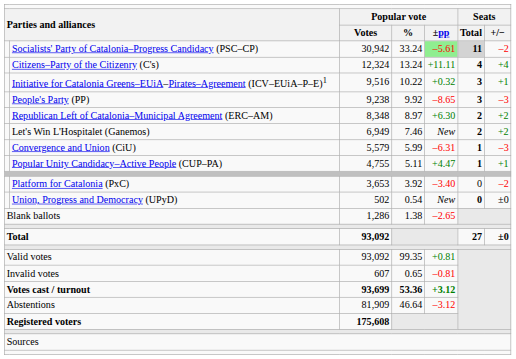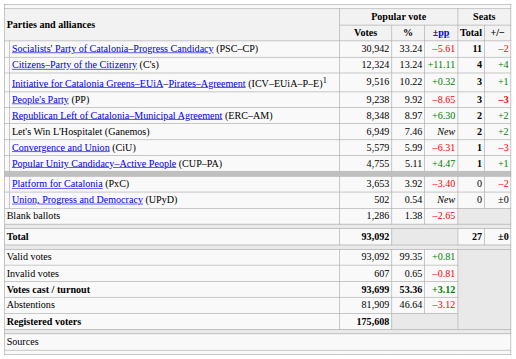 <table class="wikitable" style="text-align:right;">
 <tr>
 <td colspan="7"></td>
 </tr>
 <tr>
 <th style="text-align:left;" rowspan="2" colspan="2" width="525">Parties and alliances</th>
 <th colspan="3">Popular vote</th>
 <th colspan="2">Seats</th>
 </tr>
 <tr>
 <th width="75">Votes</th>
 <th width="45">%</th>
 <th width="45">±<a href='#'>pp</a></th>
 <th width="35">Total</th>
 <th width="35">+/−</th>
 </tr>
 <tr>
 <td width="1" style="color:inherit;background:"></td>
 <td align="left"><a href='#'>Socialists' Party of Catalonia–Progress Candidacy</a> (PSC–CP)</td>
 <td>30,942</td>
 <td>33.24</td>
-<td style="background: lightgreen; color:red;">–5.61</td>
-<td style="background: lightgrey;"><strong>11</strong></td>
+<td style="color:red;">–5.61</td>
+<td><strong>11</strong></td>
 <td style="color:red;">–2</td>
 </tr>
 <tr>
 <td style="color:inherit;background:"></td>
 <td align="left"><a href='#'>Citizens–Party of the Citizenry</a> (C's)</td>
 <td>12,324</td>
 <td>13.24</td>
 <td style="color:green;">+11.11</td>
 <td><strong>4</strong></td>
 <td style="color:green;">+4</td>
 </tr>
 <tr>
 <td style="color:inherit;background:"></td>
 <td align="left"><a href='#'>Initiative for Catalonia Greens–EUiA</a>–<a href='#'>Pirates–Agreement</a> (ICV–EUiA–P–E)<sup>1</sup></td>
 <td>9,516</td>
 <td>10.22</td>
 <td style="color:green;">+0.32</td>
 <td><strong>3</strong></td>
 <td style="color:green;">+1</td>
 </tr>
 <tr>
 <td style="color:inherit;background:"></td>
 <td align="left"><a href='#'>People's Party</a> (PP)</td>
 <td>9,238</td>
 <td>9.92</td>
 <td style="color:red;">–8.65</td>
 <td><strong>3</strong></td>
-<td style="color:red;">–3</td>
+<td style="color:red;"><strong>–3</strong></td>
 </tr>
 <tr>
 <td style="color:inherit;background:"></td>
 <td align="left"><a href='#'>Republican Left of Catalonia–Municipal Agreement</a> (ERC–AM)</td>
 <td>8,348</td>
 <td>8.97</td>
 <td style="color:green;">+6.30</td>
 <td><strong>2</strong></td>
 <td style="color:green;">+2</td>
 </tr>
 <tr>
 <td style="color:inherit;background:"></td>
 <td align="left">Let's Win L'Hospitalet (Ganemos)</td>
 <td>6,949</td>
 <td>7.46</td>
 <td><em>New</em></td>
 <td><strong>2</strong></td>
 <td style="color:green;">+2</td>
 </tr>
 <tr>
 <td style="color:inherit;background:"></td>
 <td align="left"><a href='#'>Convergence and Union</a> (CiU)</td>
 <td>5,579</td>
 <td>5.99</td>
 <td style="color:red;">–6.31</td>
 <td><strong>1</strong></td>
 <td style="color:red;">–3</td>
 </tr>
 <tr>
 <td style="color:inherit;background:"></td>
 <td align="left"><a href='#'>Popular Unity Candidacy–Active People</a> (CUP–PA)</td>
 <td>4,755</td>
 <td>5.11</td>
 <td style="color:green;">+4.47</td>
 <td><strong>1</strong></td>
 <td style="color:green;">+1</td>
 </tr>
 <tr>
 <td colspan="7" style="color:inherit;background:#C0C0C0"></td>
 </tr>
 <tr>
 <td style="color:inherit;background:"></td>
 <td align="left"><a href='#'>Platform for Catalonia</a> (PxC)</td>
 <td>3,653</td>
 <td>3.92</td>
 <td style="color:red;">–3.40</td>
 <td>0</td>
 <td style="color:red;">–2</td>
 </tr>
 <tr>
 <td style="color:inherit;background:"></td>
 <td align="left"><a href='#'>Union, Progress and Democracy</a> (UPyD)</td>
 <td>502</td>
 <td>0.54</td>
 <td><em>New</em></td>
-<td><strong>0</strong></td>
+<td>0</td>
 <td>±0</td>
 </tr>
 <tr>
 <td align="left" colspan="2">Blank ballots</td>
 <td>1,286</td>
 <td>1.38</td>
 <td style="color:red;">–2.65</td>
 <td style="color:inherit;background:#E9E9E9" colspan="2"></td>
 </tr>
 <tr>
 <td colspan="7" style="color:inherit;background:#E9E9E9"></td>
 </tr>
 <tr style="font-weight:bold;">
 <td align="left" colspan="2">Total</td>
 <td>93,092</td>
 <td bgcolor="#E9E9E9" colspan="2"></td>
 <td>27</td>
 <td>±0</td>
 </tr>
 <tr>
 <td colspan="7" style="color:inherit;background:#E9E9E9"></td>
 </tr>
 <tr>
 <td align="left" colspan="2">Valid votes</td>
 <td>93,092</td>
 <td>99.35</td>
 <td style="color:green;">+0.81</td>
 <td bgcolor="#E9E9E9" colspan="2" rowspan="5"></td>
 </tr>
 <tr>
 <td align="left" colspan="2">Invalid votes</td>
 <td>607</td>
 <td>0.65</td>
 <td style="color:red;">–0.81</td>
 </tr>
 <tr style="font-weight:bold;">
 <td align="left" colspan="2">Votes cast / turnout</td>
 <td>93,699</td>
 <td>53.36</td>
 <td style="color:green;">+3.12</td>
 </tr>
 <tr>
 <td align="left" colspan="2">Abstentions</td>
 <td>81,909</td>
 <td>46.64</td>
 <td style="color:red;">–3.12</td>
 </tr>
 <tr style="font-weight:bold;">
 <td align="left" colspan="2">Registered voters</td>
 <td>175,608</td>
 <td bgcolor="#E9E9E9" colspan="2"></td>
 </tr>
 <tr>
 <td colspan="7" style="color:inherit;background:#E9E9E9"></td>
 </tr>
 <tr>
 <td align="left" colspan="7">Sources</td>
 </tr>
 <tr>
 <td colspan="7" style="text-align:left; max-width:790px;"></td>
 </tr>
 </table>
